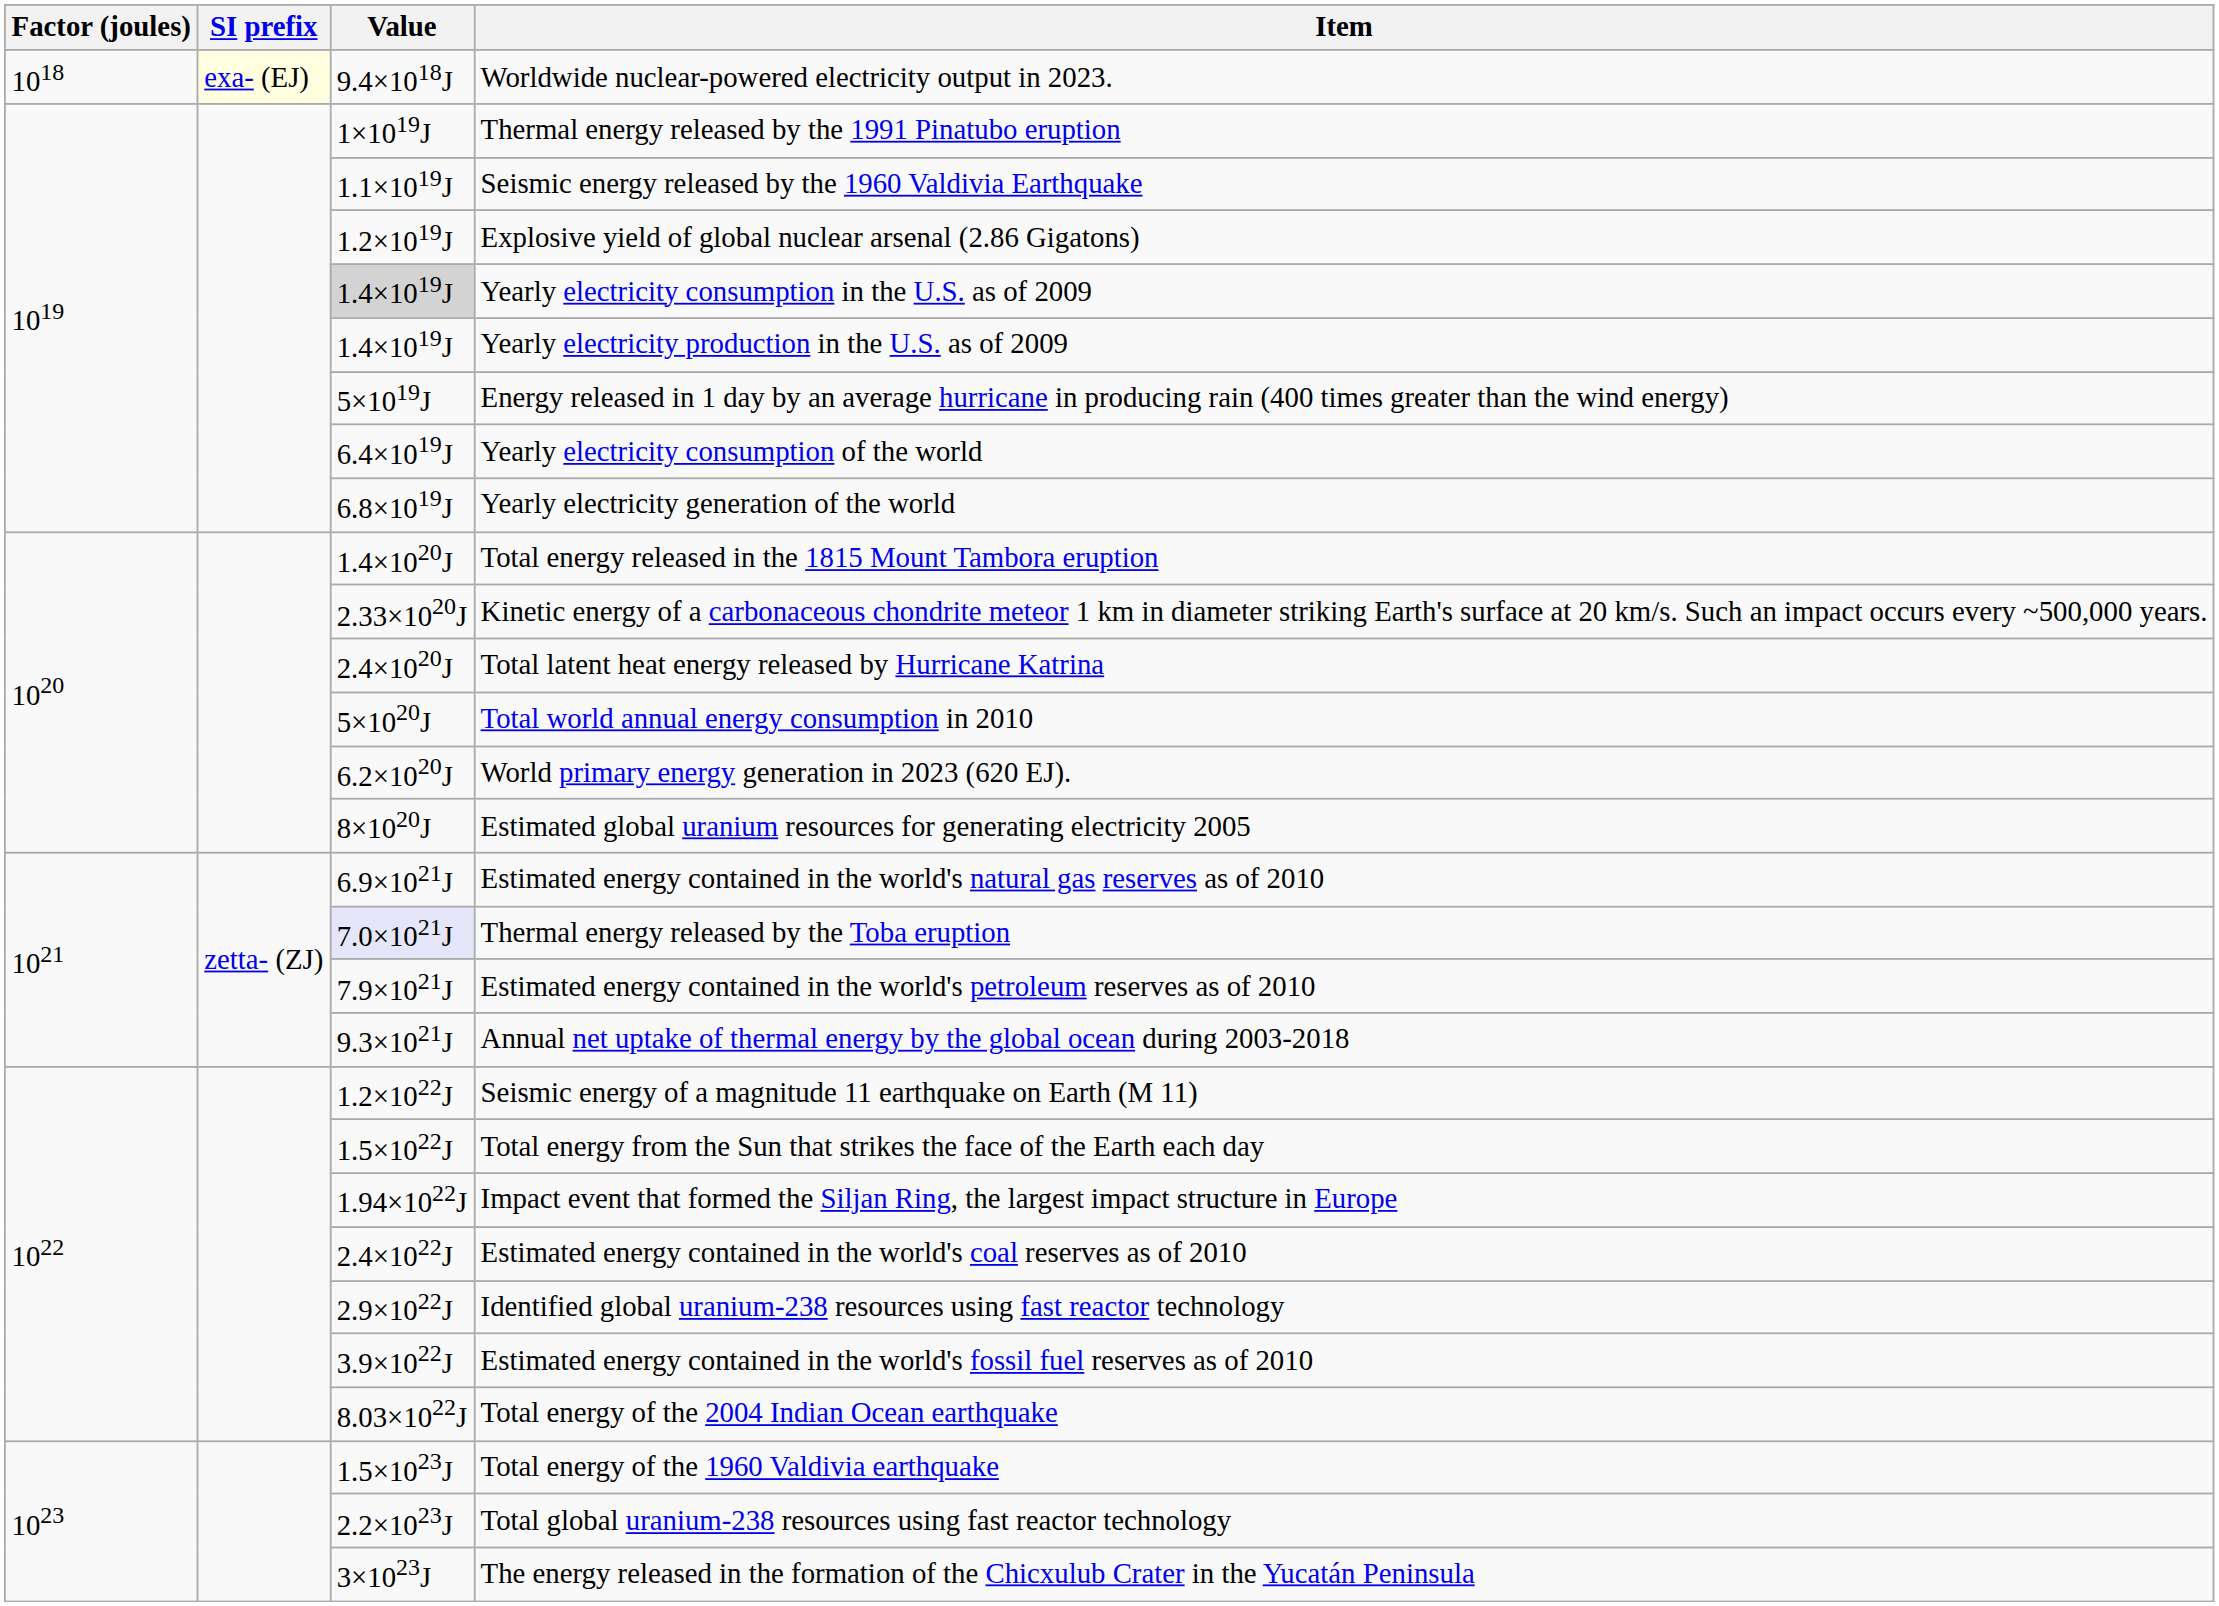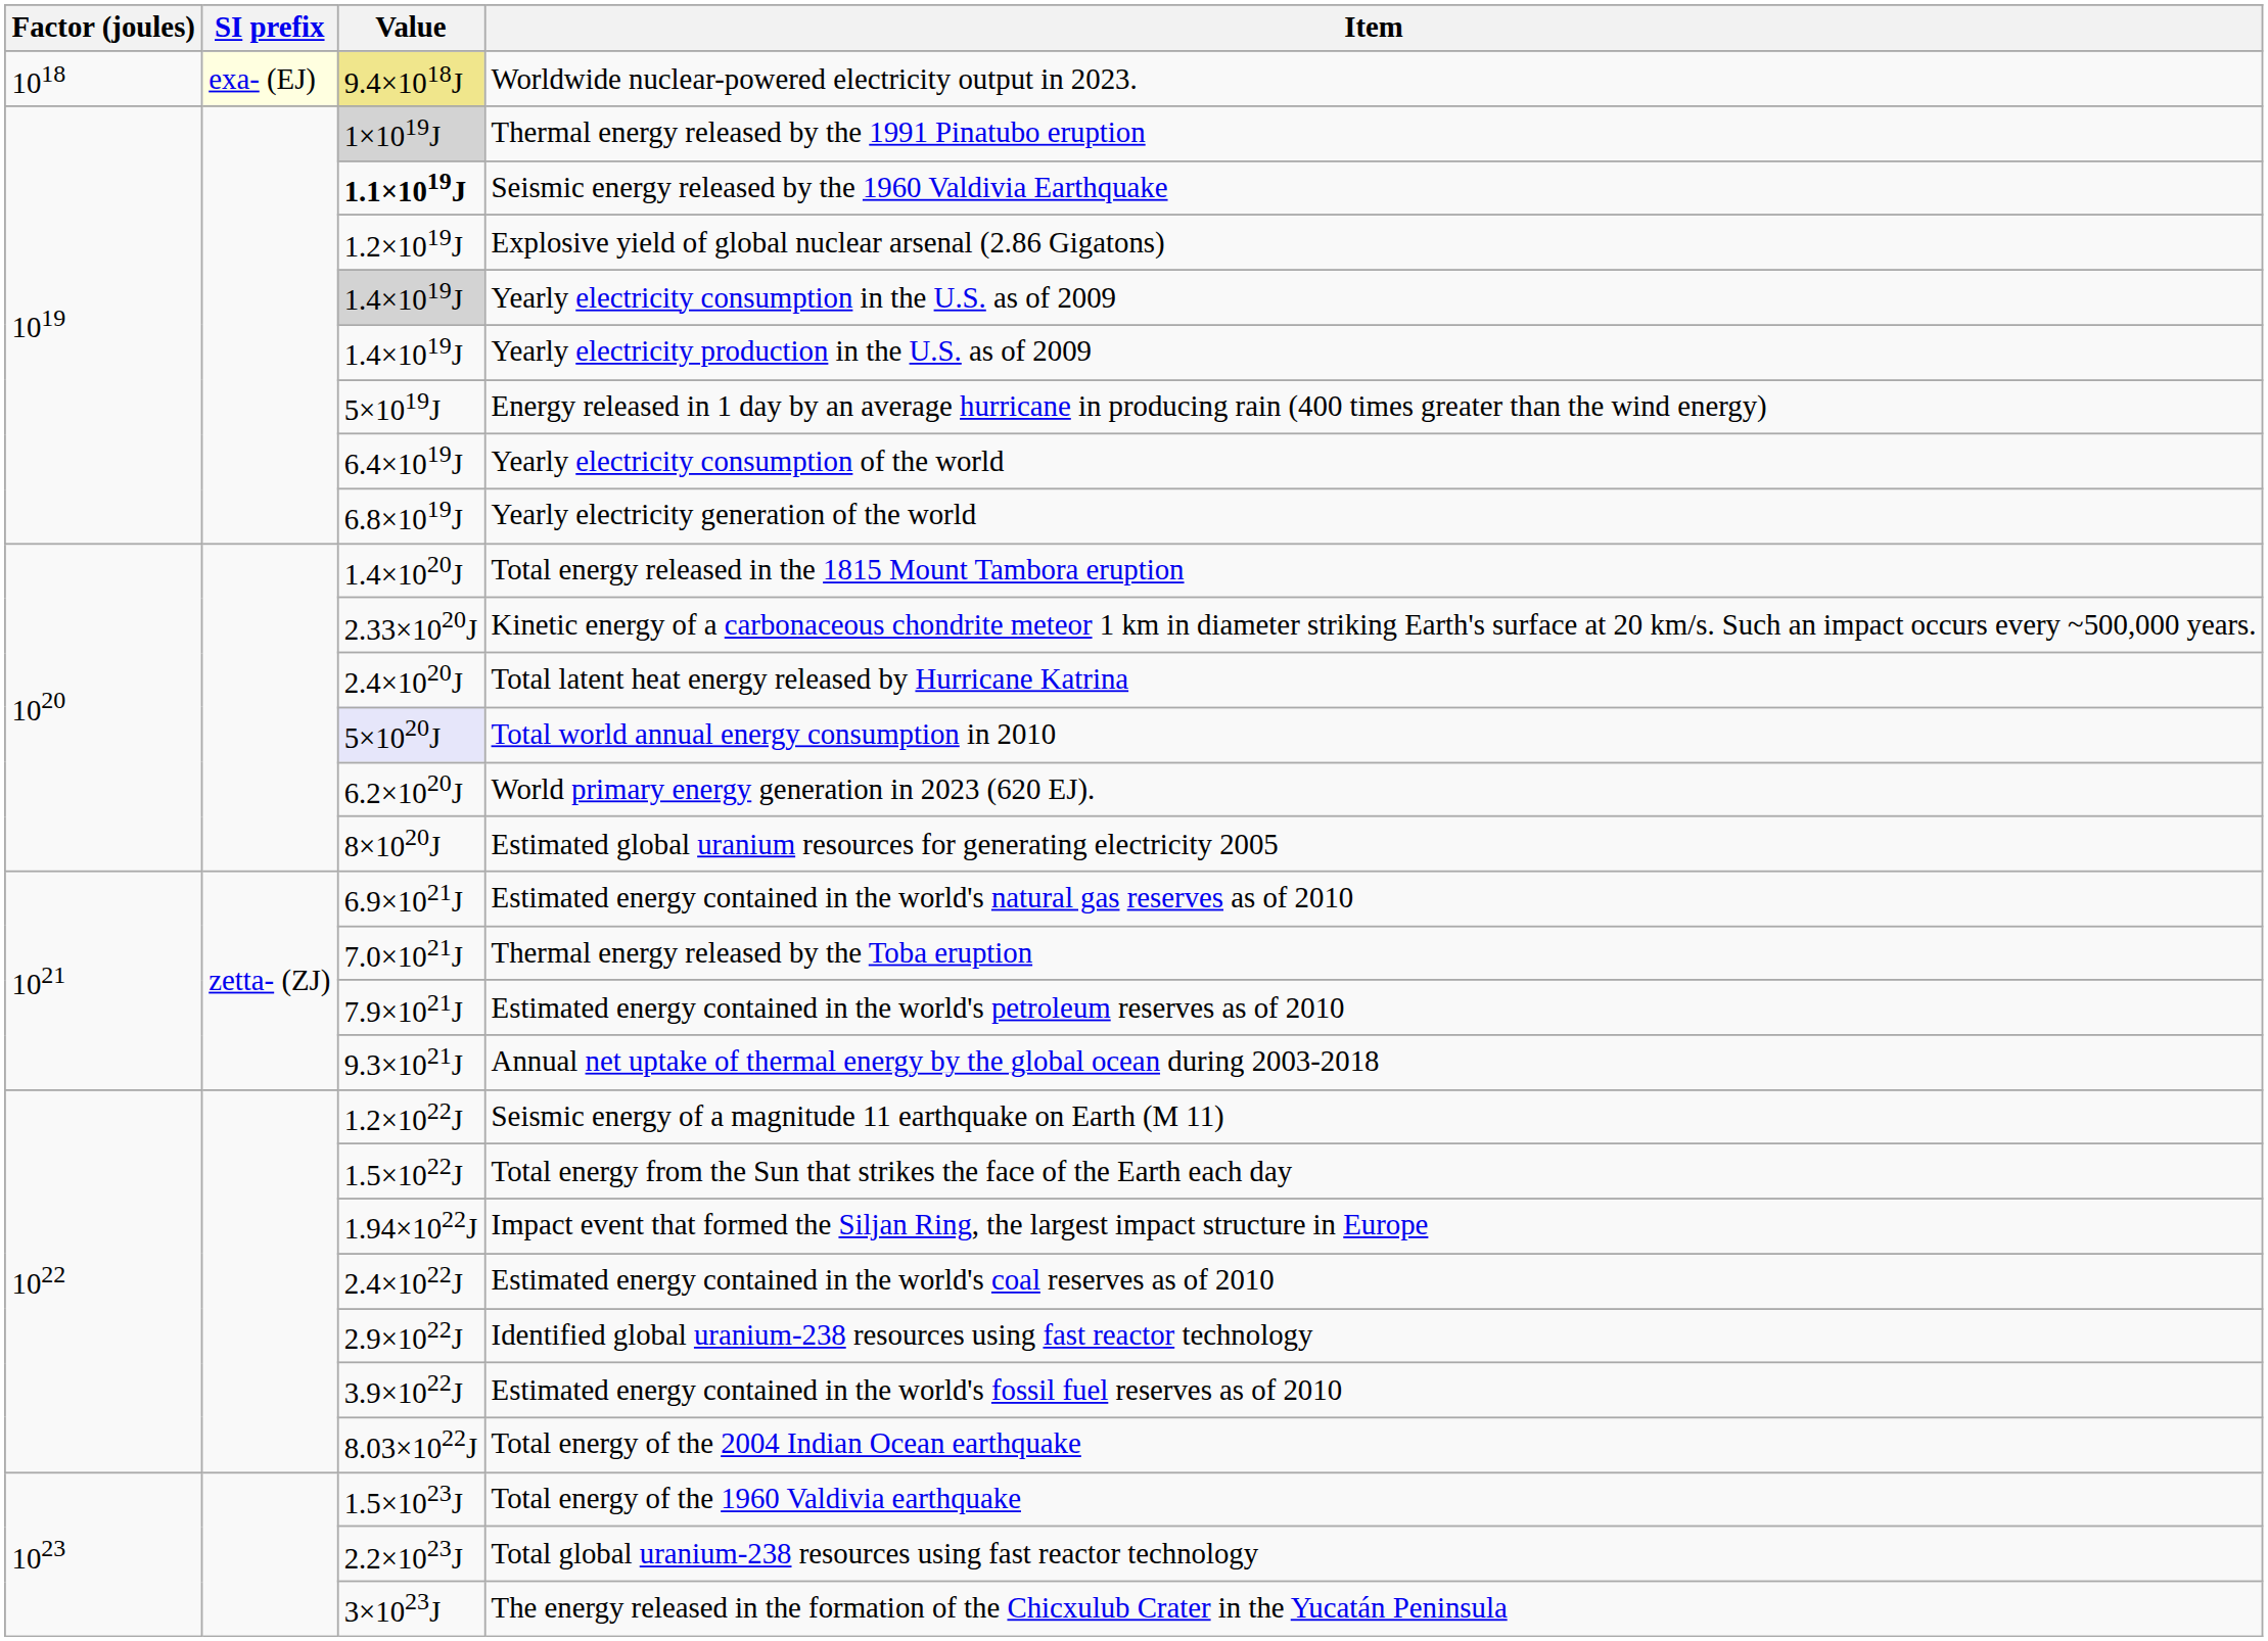 <table class="wikitable">
 <tr>
 <th>Factor (joules)</th>
 <th><a href='#'>SI</a> <a href='#'>prefix</a></th>
 <th>Value</th>
 <th>Item</th>
 </tr>
 <tr>
 <td>10<sup>18</sup></td>
 <td style="background: lightyellow;"><a href='#'>exa-</a> (EJ) </td>
-<td>9.4×10<sup>18</sup>J</td>
+<td style="background: khaki;">9.4×10<sup>18</sup>J</td>
 <td>Worldwide nuclear-powered electricity output in 2023.</td>
 </tr>
 <tr>
 <td rowspan="8">10<sup>19</sup></td>
 <td rowspan="8"> </td>
-<td>1×10<sup>19</sup>J</td>
+<td style="background: lightgrey;">1×10<sup>19</sup>J</td>
 <td>Thermal energy released by the <a href='#'>1991 Pinatubo eruption</a></td>
 </tr>
 <tr>
-<td>1.1×10<sup>19</sup>J</td>
+<td><strong>1.1×10<sup>19</sup>J</strong></td>
 <td>Seismic energy released by the <a href='#'>1960 Valdivia Earthquake</a></td>
 </tr>
 <tr>
 <td>1.2×10<sup>19</sup>J</td>
 <td>Explosive yield of global nuclear arsenal (2.86 Gigatons)</td>
 </tr>
 <tr>
 <td style="background: lightgrey;">1.4×10<sup>19</sup>J</td>
 <td>Yearly <a href='#'>electricity consumption</a> in the <a href='#'>U.S.</a> as of 2009</td>
 </tr>
 <tr>
 <td>1.4×10<sup>19</sup>J</td>
 <td>Yearly <a href='#'>electricity production</a> in the <a href='#'>U.S.</a> as of 2009</td>
 </tr>
 <tr>
 <td>5×10<sup>19</sup>J</td>
 <td>Energy released in 1 day by an average <a href='#'>hurricane</a> in producing rain (400 times greater than the wind energy)</td>
 </tr>
 <tr>
 <td>6.4×10<sup>19</sup>J</td>
 <td>Yearly <a href='#'>electricity consumption</a> of the world </td>
 </tr>
 <tr>
 <td>6.8×10<sup>19</sup>J</td>
 <td>Yearly electricity generation of the world </td>
 </tr>
 <tr>
 <td rowspan="6">10<sup>20</sup></td>
 <td rowspan="6"> </td>
 <td>1.4×10<sup>20</sup>J</td>
 <td>Total energy released in the <a href='#'>1815 Mount Tambora eruption</a></td>
 </tr>
 <tr>
 <td>2.33×10<sup>20</sup>J</td>
 <td>Kinetic energy of a <a href='#'>carbonaceous chondrite meteor</a> 1 km in diameter striking Earth's surface at 20 km/s. Such an impact occurs every ~500,000 years.</td>
 </tr>
 <tr>
 <td>2.4×10<sup>20</sup>J</td>
 <td>Total latent heat energy released by <a href='#'>Hurricane Katrina</a></td>
 </tr>
 <tr>
-<td>5×10<sup>20</sup>J</td>
+<td style="background: lavender;">5×10<sup>20</sup>J</td>
 <td><a href='#'>Total world annual energy consumption</a> in 2010</td>
 </tr>
 <tr>
 <td>6.2×10<sup>20</sup>J</td>
 <td>World <a href='#'>primary energy</a> generation in 2023 (620 EJ).</td>
 </tr>
 <tr>
 <td>8×10<sup>20</sup>J</td>
 <td>Estimated global <a href='#'>uranium</a> resources for generating electricity 2005</td>
 </tr>
 <tr>
 <td rowspan="4">10<sup>21</sup></td>
 <td rowspan="4"><a href='#'>zetta-</a> (ZJ) </td>
 <td>6.9×10<sup>21</sup>J</td>
 <td>Estimated energy contained in the world's <a href='#'>natural gas</a> <a href='#'>reserves</a> as of 2010</td>
 </tr>
 <tr>
-<td style="background: lavender;">7.0×10<sup>21</sup>J</td>
+<td>7.0×10<sup>21</sup>J</td>
 <td>Thermal energy released by the <a href='#'>Toba eruption</a></td>
 </tr>
 <tr>
 <td>7.9×10<sup>21</sup>J</td>
 <td>Estimated energy contained in the world's <a href='#'>petroleum</a> reserves as of 2010</td>
 </tr>
 <tr>
 <td>9.3×10<sup>21</sup>J</td>
 <td>Annual <a href='#'>net uptake of thermal energy by the global ocean</a> during 2003-2018</td>
 </tr>
 <tr>
 <td rowspan="7">10<sup>22</sup></td>
 <td rowspan="7"> </td>
 <td>1.2×10<sup>22</sup>J</td>
 <td>Seismic energy of a magnitude 11 earthquake on Earth (M 11)</td>
 </tr>
 <tr>
 <td>1.5×10<sup>22</sup>J</td>
 <td>Total energy from the Sun that strikes the face of the Earth each day</td>
 </tr>
 <tr>
 <td>1.94×10<sup>22</sup>J</td>
 <td>Impact event that formed the <a href='#'>Siljan Ring</a>, the largest impact structure in <a href='#'>Europe</a></td>
 </tr>
 <tr>
 <td>2.4×10<sup>22</sup>J</td>
 <td>Estimated energy contained in the world's <a href='#'>coal</a> reserves as of 2010</td>
 </tr>
 <tr>
 <td>2.9×10<sup>22</sup>J</td>
 <td>Identified global <a href='#'>uranium-238</a> resources using <a href='#'>fast reactor</a> technology</td>
 </tr>
 <tr>
 <td>3.9×10<sup>22</sup>J</td>
 <td>Estimated energy contained in the world's <a href='#'>fossil fuel</a> reserves as of 2010</td>
 </tr>
 <tr>
 <td>8.03×10<sup>22</sup>J</td>
 <td>Total energy of the <a href='#'>2004 Indian Ocean earthquake</a></td>
 </tr>
 <tr>
 <td rowspan="3">10<sup>23</sup></td>
 <td rowspan="3"> </td>
 <td>1.5×10<sup>23</sup>J</td>
 <td>Total energy of the <a href='#'>1960 Valdivia earthquake</a></td>
 </tr>
 <tr>
 <td>2.2×10<sup>23</sup>J</td>
 <td>Total global <a href='#'>uranium-238</a> resources using fast reactor technology</td>
 </tr>
 <tr>
 <td>3×10<sup>23</sup>J</td>
 <td>The energy released in the formation of the <a href='#'>Chicxulub Crater</a> in the <a href='#'>Yucatán Peninsula</a></td>
 </tr>
 </table>
